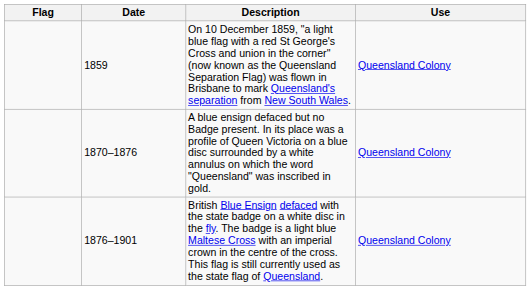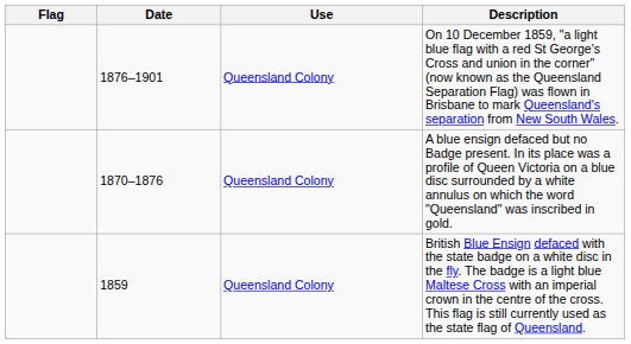 <table class="wikitable">
 <tr style="background:#efefef;">
 <th style="width:110px;">Flag</th>
 <th style="width:150px;">Date</th>
+<th style="width:250px;">Use</th>
 <th style="width:250px;">Description</th>
-<th style="width:250px;">Use</th>
+</tr>
+<tr>
+<td></td>
+<td>1876–1901</td>
+<td><a href='#'>Queensland Colony</a></td>
+<td>On 10 December 1859, "a light blue flag with a red St George's Cross and union in the corner" (now known as the Queensland Separation Flag) was flown in Brisbane to mark <a href='#'>Queensland's separation</a> from <a href='#'>New South Wales</a>.</td>
+</tr>
+<tr>
+<td></td>
+<td>1870–1876</td>
+<td><a href='#'>Queensland Colony</a></td>
+<td>A blue ensign defaced but no Badge present. In its place was a profile of Queen Victoria on a blue disc surrounded by a white annulus on which the word "Queensland" was inscribed in gold.</td>
 </tr>
 <tr>
 <td></td>
 <td>1859</td>
-<td>On 10 December 1859, "a light blue flag with a red St George's Cross and union in the corner" (now known as the Queensland Separation Flag) was flown in Brisbane to mark <a href='#'>Queensland's separation</a> from <a href='#'>New South Wales</a>.</td>
 <td><a href='#'>Queensland Colony</a></td>
-</tr>
-<tr>
-<td></td>
-<td>1870–1876</td>
-<td>A blue ensign defaced but no Badge present. In its place was a profile of Queen Victoria on a blue disc surrounded by a white annulus on which the word "Queensland" was inscribed in gold.</td>
-<td><a href='#'>Queensland Colony</a></td>
-</tr>
-<tr>
-<td></td>
-<td>1876–1901</td>
 <td>British <a href='#'>Blue Ensign</a> <a href='#'>defaced</a> with the state badge on a white disc in the <a href='#'>fly</a>. The badge is a light blue <a href='#'>Maltese Cross</a> with an imperial crown in the centre of the cross. This flag is still currently used as the state flag of <a href='#'>Queensland</a>.</td>
-<td><a href='#'>Queensland Colony</a></td>
 </tr>
 </table>
